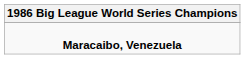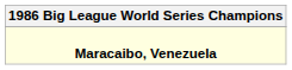 <table class="wikitable" style="text-align: center; margin: 0 auto;">
 <tr>
 <th>1986 Big League World Series Champions</th>
 </tr>
 <tr>
 </tr>
 <tr>
-<td><br><strong>Maracaibo, Venezuela</strong></td>
+<td style="background: lightyellow;"><br><strong>Maracaibo, Venezuela</strong></td>
 </tr>
 </table>
